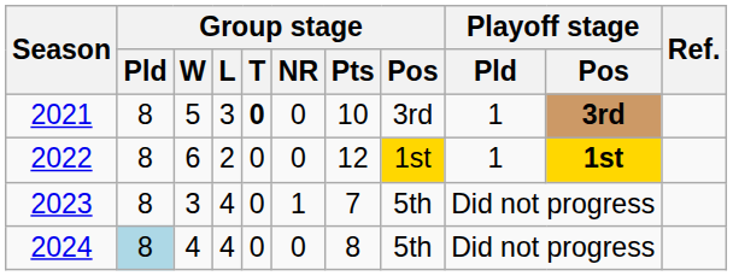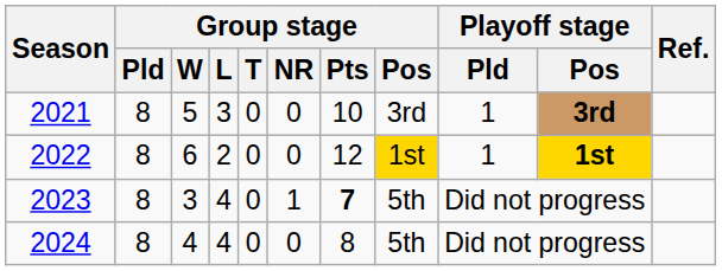 <table class="wikitable" style="text-align: center">
 <tr>
 <th rowspan=2>Season</th>
 <th colspan=7>Group stage</th>
 <th colspan=2>Playoff stage</th>
 <th rowspan=2>Ref.</th>
 </tr>
 <tr>
 <th>Pld</th>
 <th>W</th>
 <th>L</th>
 <th>T</th>
 <th>NR</th>
 <th>Pts</th>
 <th>Pos</th>
 <th>Pld</th>
 <th>Pos</th>
 </tr>
 <tr>
 <td><a href='#'>2021</a></td>
 <td>8</td>
 <td>5</td>
 <td>3</td>
-<td><strong>0</strong></td>
+<td>0</td>
 <td>0</td>
 <td>10</td>
 <td>3rd</td>
 <td>1</td>
 <td bgcolor=#cc9966><strong>3rd</strong></td>
 <td></td>
 </tr>
 <tr>
 <td><a href='#'>2022</a></td>
 <td>8</td>
 <td>6</td>
 <td>2</td>
 <td>0</td>
 <td>0</td>
 <td>12</td>
 <td style="background: gold;">1st</td>
 <td>1</td>
 <td bgcolor=gold><strong>1st</strong></td>
 <td></td>
 </tr>
 <tr>
 <td><a href='#'>2023</a></td>
 <td>8</td>
 <td>3</td>
 <td>4</td>
 <td>0</td>
 <td>1</td>
-<td>7</td>
+<td><strong>7</strong></td>
 <td>5th</td>
 <td colspan=2>Did not progress</td>
 <td></td>
 </tr>
 <tr>
 <td><a href='#'>2024</a></td>
-<td style="background: lightblue;">8</td>
+<td>8</td>
 <td>4</td>
 <td>4</td>
 <td>0</td>
 <td>0</td>
 <td>8</td>
 <td>5th</td>
 <td colspan=2>Did not progress</td>
 <td></td>
 </tr>
 </table>
